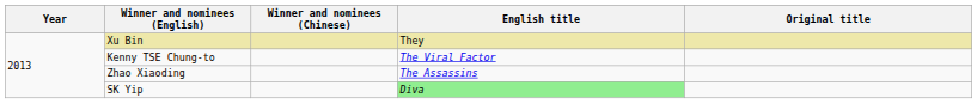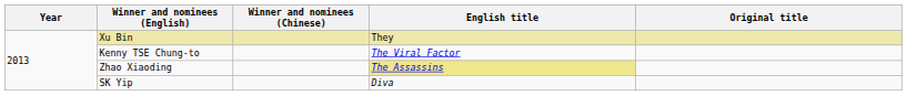 <table class="wikitable" style="width:100%;">
 <tr style="background:#bebebe">
 <th width="100"><strong>Year</strong></th>
 <th width="150"><strong>Winner and nominees<br>(English)</strong></th>
 <th width="150"><strong>Winner and nominees<br>(Chinese)</strong></th>
 <th width="300"><strong>English title</strong></th>
 <th width="300"><strong>Original title</strong></th>
 </tr>
 <tr>
 <td rowspan="4">2013</td>
 <td style="background:#EEE8AA;">Xu Bin</td>
 <td style="background:#EEE8AA;"></td>
 <td style="background:#EEE8AA;">They</td>
 <td style="background:#EEE8AA;"></td>
 </tr>
 <tr>
 <td>Kenny TSE Chung-to</td>
 <td></td>
 <td><em><a href='#'>The Viral Factor</a></em></td>
 <td></td>
 </tr>
 <tr>
 <td>Zhao Xiaoding</td>
 <td></td>
-<td><em><a href='#'>The Assassins</a></em></td>
+<td style="background: khaki;"><em><a href='#'>The Assassins</a></em></td>
 <td></td>
 </tr>
 <tr>
 <td>SK Yip</td>
 <td></td>
-<td style="background: lightgreen;"><em>Diva</em></td>
+<td><em>Diva</em></td>
 <td></td>
 </tr>
 </table>
